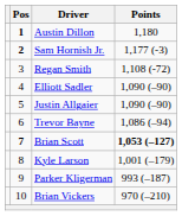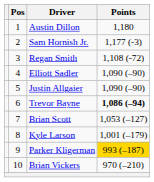 <table class="wikitable" style="font-size: 95%;">
 <tr>
 <th></th>
 <th>Pos</th>
 <th>Driver</th>
 <th>Points</th>
 </tr>
 <tr>
 <td align="left"></td>
-<td style="text-align:center;"><strong>1</strong></td>
+<td style="text-align:center;">1</td>
 <td><a href='#'>Austin Dillon</a></td>
 <td style="text-align:center;">1,180</td>
 </tr>
 <tr>
 <td align="left"></td>
-<td style="text-align:center;"><strong>2</strong></td>
+<td style="text-align:center;">2</td>
 <td><a href='#'>Sam Hornish Jr.</a></td>
 <td style="text-align:center;">1,177 (-3)</td>
 </tr>
 <tr>
 <td align="left"></td>
 <td style="text-align:center;">3</td>
 <td><a href='#'>Regan Smith</a></td>
 <td style="text-align:center;">1,108 (-72)</td>
 </tr>
 <tr>
 <td align="left"></td>
 <td style="text-align:center;">4</td>
 <td><a href='#'>Elliott Sadler</a></td>
 <td style="text-align:center;">1,090 (–90)</td>
 </tr>
 <tr>
 <td align="left"></td>
 <td style="text-align:center;">5</td>
 <td><a href='#'>Justin Allgaier</a></td>
 <td style="text-align:center;">1,090 (–90)</td>
 </tr>
 <tr>
 <td align="left"></td>
 <td style="text-align:center;">6</td>
 <td><a href='#'>Trevor Bayne</a></td>
-<td style="text-align:center;">1,086 (–94)</td>
+<td style="text-align:center;"><strong>1,086 (–94)</strong></td>
 </tr>
 <tr>
 <td align="left"></td>
-<td style="text-align:center;"><strong>7</strong></td>
+<td style="text-align:center;">7</td>
 <td><a href='#'>Brian Scott</a></td>
-<td style="text-align:center;"><strong>1,053 (–127)</strong></td>
+<td style="text-align:center;">1,053 (–127)</td>
 </tr>
 <tr>
 <td align="left"></td>
 <td style="text-align:center;">8</td>
 <td><a href='#'>Kyle Larson</a></td>
 <td style="text-align:center;">1,001 (–179)</td>
 </tr>
 <tr>
 <td align="left"></td>
 <td style="text-align:center;">9</td>
 <td><a href='#'>Parker Kligerman</a></td>
-<td style="text-align:center;">993 (–187)</td>
+<td style="background: gold; text-align:center;">993 (–187)</td>
 </tr>
 <tr>
 <td align="left"></td>
 <td style="text-align:center;">10</td>
 <td><a href='#'>Brian Vickers</a></td>
 <td style="text-align:center;">970 (–210)</td>
 </tr>
 <tr class="sortbottom">
 <th colspan="9"></th>
 </tr>
 </table>
